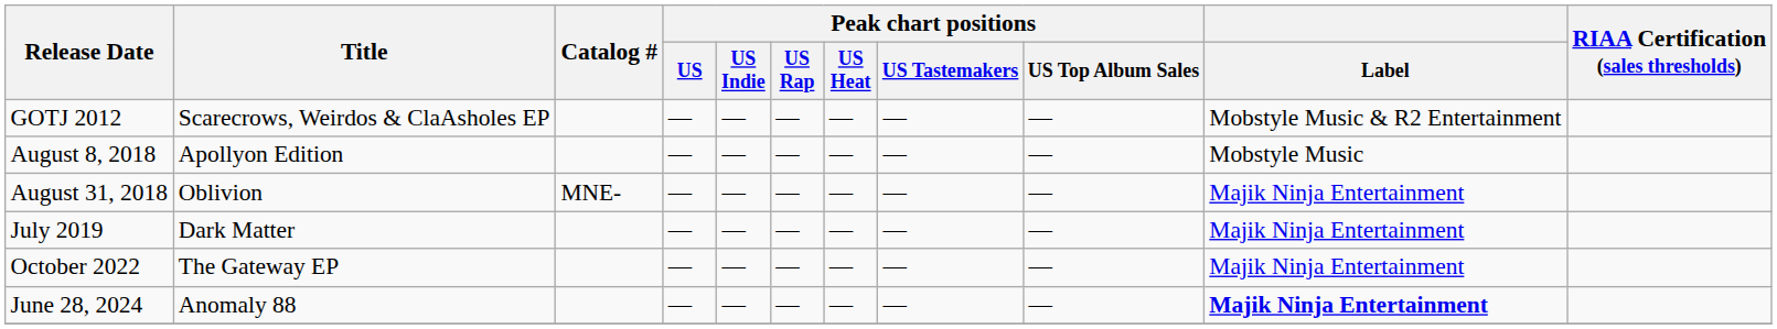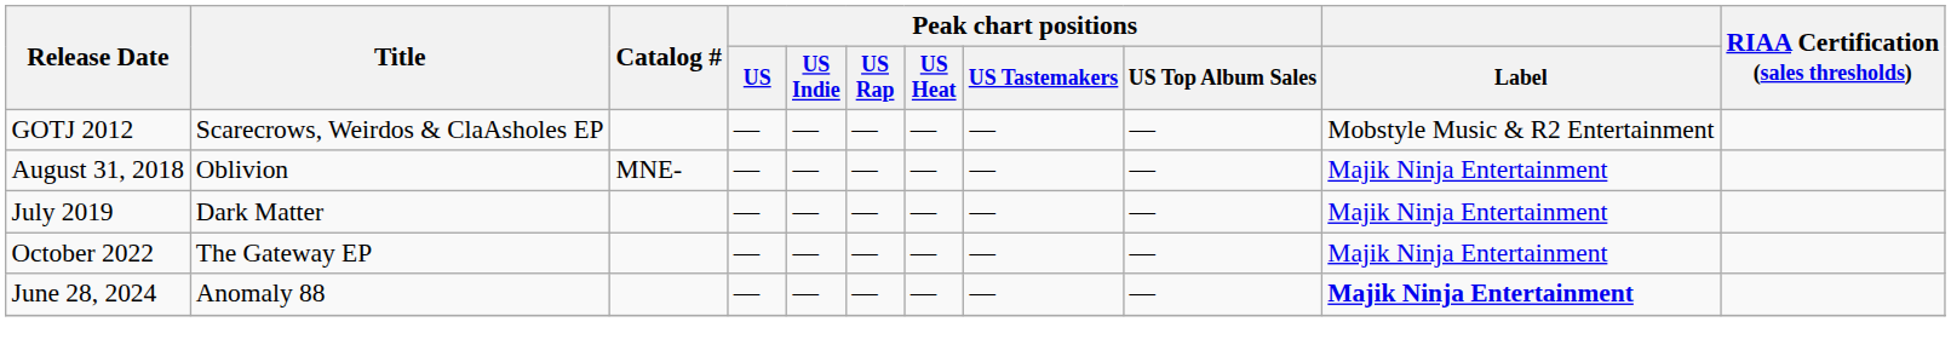 <table class="wikitable">
 <tr>
 <th rowspan="2">Release Date</th>
 <th rowspan="2">Title</th>
 <th rowspan="2">Catalog #</th>
 <th colspan="6">Peak chart positions</th>
 <th></th>
 <th rowspan="2"><a href='#'>RIAA</a> Certification<br><small>(<a href='#'>sales thresholds</a>)</small></th>
 </tr>
 <tr style="font-size:smaller;">
 <th style="width:30px;"><a href='#'>US</a></th>
 <th style="width:30px;"><a href='#'>US Indie</a></th>
 <th style="width:30px;"><a href='#'>US Rap</a></th>
 <th style="width:30px;"><a href='#'>US Heat</a></th>
 <th style="sidth:30px;"><a href='#'>US Tastemakers</a></th>
 <th>US Top Album Sales</th>
 <th>Label</th>
 </tr>
 <tr>
 <td>GOTJ 2012</td>
 <td>Scarecrows, Weirdos & ClaAsholes EP</td>
 <td></td>
 <td>—</td>
 <td>—</td>
 <td>—</td>
 <td>—</td>
 <td>—</td>
 <td>—</td>
 <td>Mobstyle Music & R2 Entertainment</td>
-<td></td>
-</tr>
-<tr>
-<td>August 8, 2018</td>
-<td>Apollyon Edition</td>
-<td></td>
-<td>—</td>
-<td>—</td>
-<td>—</td>
-<td>—</td>
-<td>—</td>
-<td>—</td>
-<td>Mobstyle Music</td>
 <td></td>
 </tr>
 <tr>
 <td>August 31, 2018</td>
 <td>Oblivion</td>
 <td>MNE-</td>
 <td>—</td>
 <td>—</td>
 <td>—</td>
 <td>—</td>
 <td>—</td>
 <td>—</td>
 <td><a href='#'>Majik Ninja Entertainment</a></td>
 <td></td>
 </tr>
 <tr>
 <td>July 2019</td>
 <td>Dark Matter</td>
 <td></td>
 <td>—</td>
 <td>—</td>
 <td>—</td>
 <td>—</td>
 <td>—</td>
 <td>—</td>
 <td><a href='#'>Majik Ninja Entertainment</a></td>
 <td></td>
 </tr>
 <tr>
 <td>October 2022</td>
 <td>The Gateway EP</td>
 <td></td>
 <td>—</td>
 <td>—</td>
 <td>—</td>
 <td>—</td>
 <td>—</td>
 <td>—</td>
 <td><a href='#'>Majik Ninja Entertainment</a></td>
 <td></td>
 </tr>
 <tr>
 <td>June 28, 2024</td>
 <td>Anomaly 88</td>
 <td></td>
 <td>—</td>
 <td>—</td>
 <td>—</td>
 <td>—</td>
 <td>—</td>
 <td>—</td>
 <td><strong><a href='#'>Majik Ninja Entertainment</a></strong></td>
 <td></td>
 </tr>
 <tr>
 </tr>
 </table>
